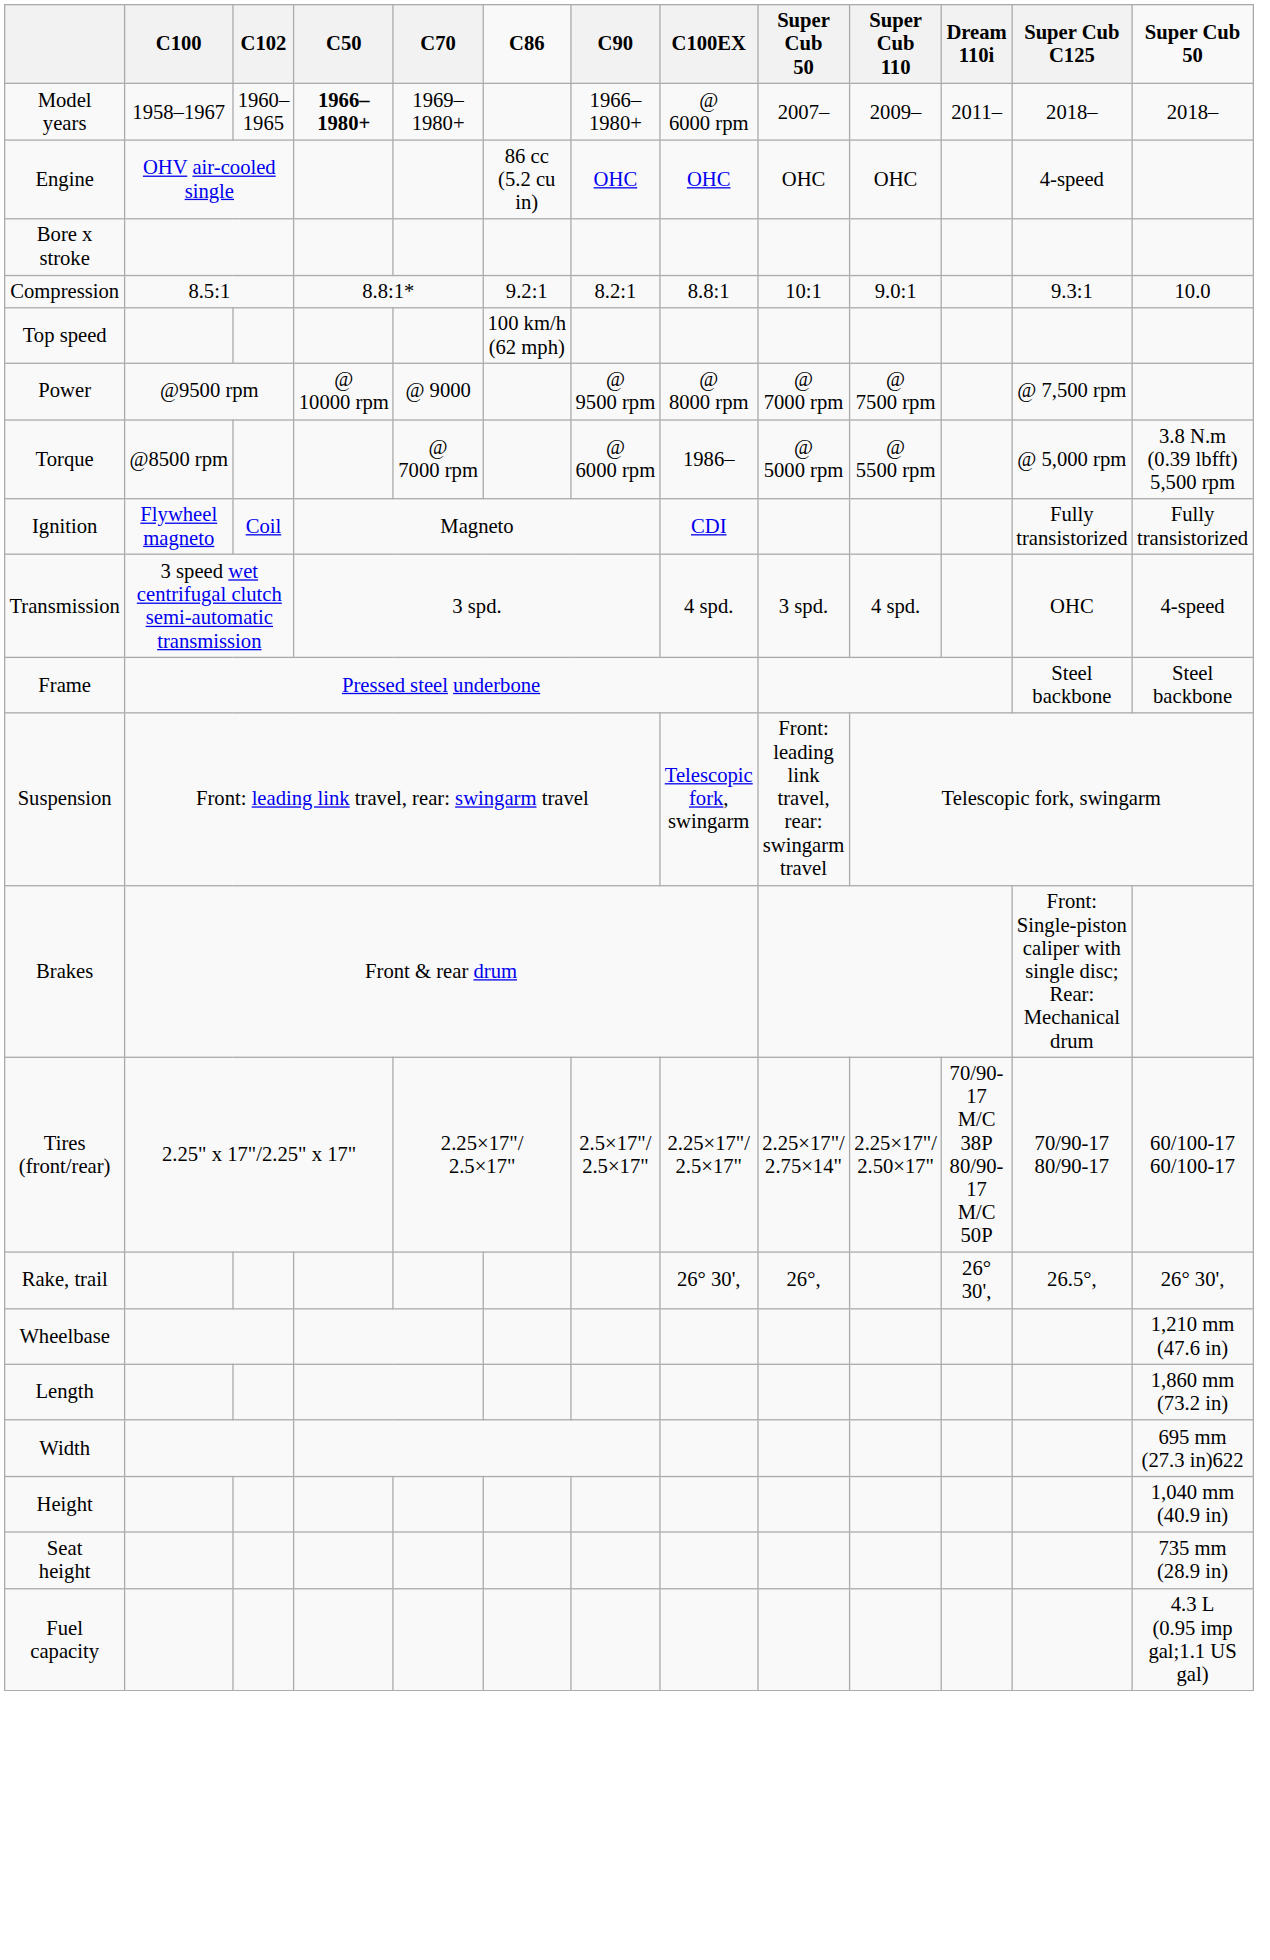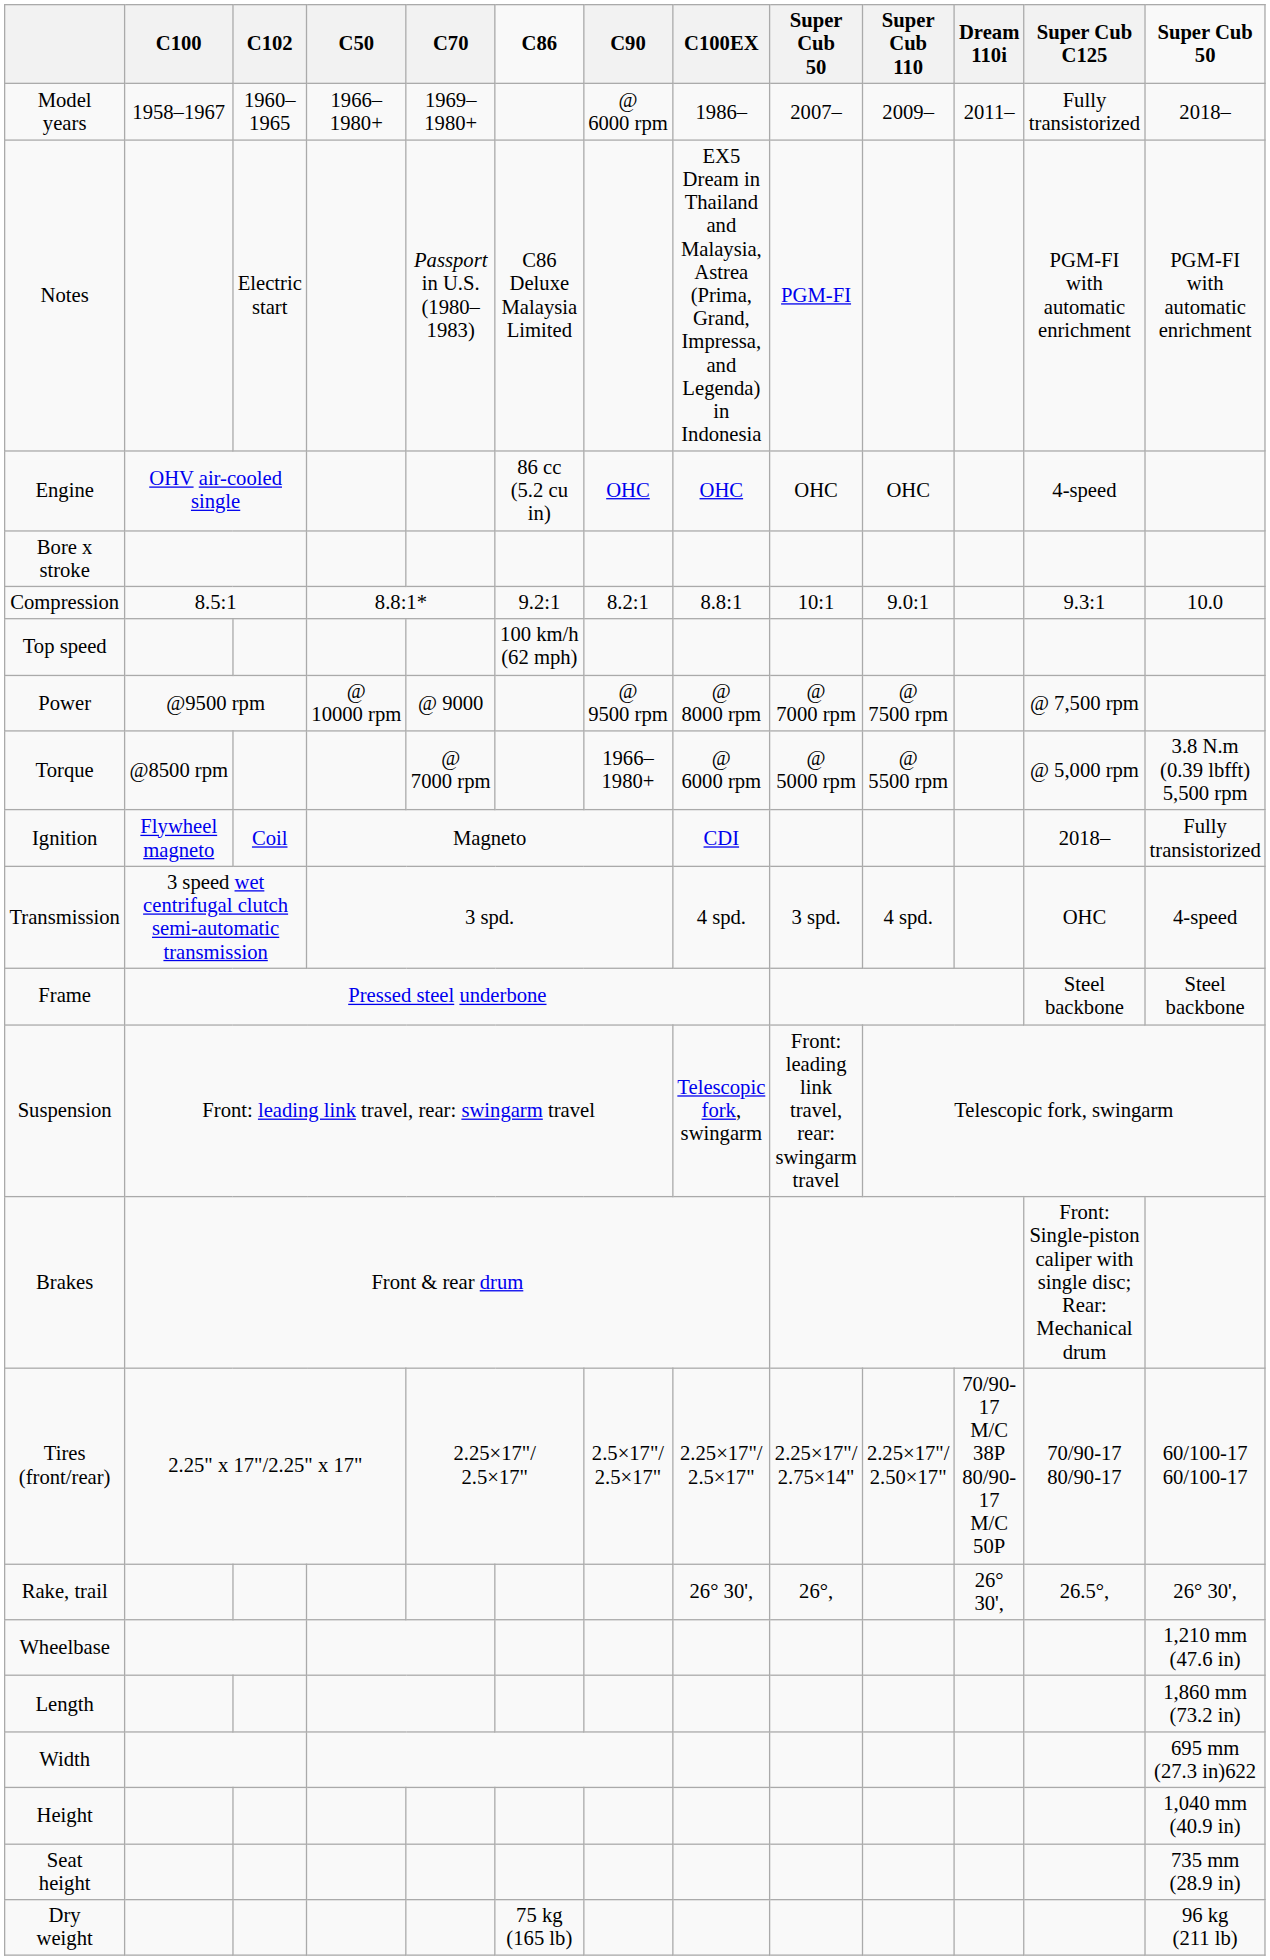 <table class="wikitable" style="text-align: center">
 <tr>
 <th></th>
 <th>C100</th>
 <th>C102</th>
 <th>C50</th>
 <th>C70</th>
 <td><strong>C86</strong></td>
 <th>C90</th>
 <th>C100EX</th>
 <th>Super Cub<br>50</th>
 <th>Super Cub<br>110</th>
 <th>Dream<br>110i</th>
 <th>Super Cub C125</th>
 <td><strong>Super Cub 50</strong></td>
 </tr>
 <tr>
 <td>Model<br>years</td>
 <td>1958–1967</td>
 <td>1960–1965</td>
-<td><strong>1966–1980+</strong></td>
+<td>1966–1980+</td>
 <td>1969–1980+</td>
 <td></td>
-<td>1966–1980+</td>
 <td> @ 6000 rpm</td>
+<td>1986–</td>
 <td>2007–</td>
 <td>2009–</td>
 <td>2011–</td>
+<td>Fully transistorized</td>
 <td>2018–</td>
-<td>2018–</td>
+</tr>
+<tr>
+<td>Notes</td>
+<td></td>
+<td>Electric start</td>
+<td></td>
+<td><em>Passport</em> in U.S. (1980–1983)</td>
+<td>C86 Deluxe Malaysia Limited</td>
+<td></td>
+<td>EX5 Dream in Thailand and Malaysia, Astrea (Prima, Grand, Impressa, and Legenda) in Indonesia</td>
+<td><a href='#'>PGM-FI</a></td>
+<td></td>
+<td></td>
+<td>PGM-FI with automatic enrichment</td>
+<td>PGM-FI with automatic enrichment</td>
 </tr>
 <tr>
 <td>Engine</td>
 <td colspan="2"> <a href='#'>OHV</a> <a href='#'>air-cooled</a> <a href='#'>single</a></td>
 <td></td>
 <td></td>
 <td>86 cc<br>(5.2 cu in)</td>
 <td> <a href='#'>OHC</a></td>
 <td> <a href='#'>OHC</a></td>
 <td> OHC</td>
 <td> OHC</td>
 <td></td>
 <td>4-speed</td>
 <td></td>
 </tr>
 <tr>
 <td>Bore x stroke</td>
 <td colspan="2"></td>
 <td></td>
 <td></td>
 <td></td>
 <td></td>
 <td></td>
 <td></td>
 <td></td>
 <td></td>
 <td></td>
 <td></td>
 </tr>
 <tr>
 <td>Compression</td>
 <td colspan="2">8.5:1</td>
 <td colspan="2">8.8:1*</td>
 <td>9.2:1</td>
 <td>8.2:1</td>
 <td>8.8:1</td>
 <td>10:1</td>
 <td>9.0:1</td>
 <td></td>
 <td>9.3:1</td>
 <td>10.0</td>
 </tr>
 <tr>
 <td>Top speed</td>
 <td></td>
 <td></td>
 <td></td>
 <td></td>
 <td>100 km/h<br>(62 mph)</td>
 <td></td>
 <td></td>
 <td></td>
 <td></td>
 <td></td>
 <td></td>
 <td></td>
 </tr>
 <tr>
 <td>Power</td>
 <td colspan="2"> @9500 rpm</td>
 <td> @ 10000 rpm</td>
 <td> @ 9000</td>
 <td></td>
 <td> @ 9500 rpm</td>
 <td> @ 8000 rpm</td>
 <td> @ 7000 rpm</td>
 <td> @ 7500 rpm</td>
 <td></td>
 <td> @ 7,500 rpm</td>
 <td></td>
 </tr>
 <tr>
 <td>Torque</td>
 <td> @8500 rpm</td>
 <td></td>
 <td></td>
 <td> @ 7000 rpm</td>
 <td></td>
+<td>1966–1980+</td>
 <td> @ 6000 rpm</td>
-<td>1986–</td>
 <td> @ 5000 rpm</td>
 <td> @ 5500 rpm</td>
 <td></td>
 <td> @ 5,000 rpm</td>
 <td>3.8 N.m<br>(0.39 lbfft)<br>5,500 rpm</td>
 </tr>
 <tr>
 <td>Ignition</td>
 <td><a href='#'>Flywheel</a> <a href='#'>magneto</a></td>
 <td><a href='#'>Coil</a></td>
 <td colspan="4">Magneto</td>
 <td><a href='#'>CDI</a></td>
 <td></td>
 <td></td>
 <td></td>
-<td>Fully transistorized</td>
+<td>2018–</td>
 <td>Fully transistorized</td>
 </tr>
 <tr>
 <td>Transmission</td>
 <td colspan="2">3 speed <a href='#'>wet</a> <a href='#'>centrifugal clutch</a> <a href='#'>semi-automatic transmission</a></td>
 <td colspan="4">3 spd.</td>
 <td>4 spd.</td>
 <td>3 spd.</td>
 <td>4 spd.</td>
 <td></td>
 <td> OHC</td>
 <td>4-speed</td>
 </tr>
 <tr>
 <td>Frame</td>
 <td colspan="7"><a href='#'>Pressed steel</a> <a href='#'>underbone</a></td>
 <td colspan="3"></td>
 <td>Steel backbone</td>
 <td>Steel backbone</td>
 </tr>
 <tr>
 <td>Suspension</td>
 <td colspan="6">Front: <a href='#'>leading link</a>  travel, rear: <a href='#'>swingarm</a>   travel</td>
 <td><a href='#'>Telescopic fork</a>, swingarm</td>
 <td>Front: leading link  travel, rear: swingarm   travel</td>
 <td colspan="4">Telescopic fork, swingarm</td>
 </tr>
 <tr>
 <td>Brakes</td>
 <td colspan="7">Front & rear  <a href='#'>drum</a></td>
 <td colspan="3"></td>
 <td>Front: Single-piston caliper with single  disc; Rear: Mechanical drum</td>
 <td></td>
 </tr>
 <tr>
 <td>Tires<br>(front/rear)</td>
 <td colspan="3">2.25" x 17"/2.25" x 17"</td>
 <td colspan="2">2.25×17"/<br>2.5×17"</td>
 <td>2.5×17"/<br>2.5×17"</td>
 <td>2.25×17"/<br>2.5×17"</td>
 <td>2.25×17"/<br>2.75×14"</td>
 <td>2.25×17"/<br>2.50×17"</td>
 <td>70/90-17 M/C 38P<br>80/90-17 M/C 50P</td>
 <td>70/90-17<br>80/90-17</td>
 <td>60/100-17<br>60/100-17</td>
 </tr>
 <tr>
 <td>Rake, trail</td>
 <td></td>
 <td></td>
 <td></td>
 <td></td>
 <td></td>
 <td></td>
 <td>26° 30', </td>
 <td>26°, </td>
 <td></td>
 <td>26° 30', </td>
 <td>26.5°, </td>
 <td>26° 30', </td>
 </tr>
 <tr>
 <td>Wheelbase</td>
 <td colspan="2"></td>
 <td colspan="2"></td>
 <td></td>
 <td></td>
 <td></td>
 <td></td>
 <td></td>
 <td></td>
 <td></td>
 <td>1,210 mm<br>(47.6 in)</td>
 </tr>
 <tr>
 <td>Length</td>
 <td></td>
 <td></td>
 <td colspan="2"></td>
 <td></td>
 <td></td>
 <td></td>
 <td></td>
 <td></td>
 <td></td>
 <td></td>
 <td>1,860 mm (73.2 in)</td>
 </tr>
 <tr>
 <td>Width</td>
 <td colspan="2"></td>
 <td colspan="4"></td>
 <td></td>
 <td></td>
 <td></td>
 <td></td>
 <td></td>
 <td>695 mm (27.3 in)622</td>
 </tr>
 <tr>
 <td>Height</td>
 <td></td>
 <td></td>
 <td></td>
 <td></td>
 <td></td>
 <td></td>
 <td></td>
 <td></td>
 <td></td>
 <td></td>
 <td></td>
 <td>1,040 mm (40.9 in)</td>
 </tr>
 <tr>
 <td>Seat<br>height</td>
 <td></td>
 <td></td>
 <td></td>
 <td></td>
 <td></td>
 <td></td>
 <td></td>
 <td></td>
 <td></td>
 <td></td>
 <td></td>
 <td>735 mm (28.9 in)</td>
 </tr>
 <tr>
-<td>Fuel<br>capacity</td>
+<td>Dry<br>weight</td>
+<td></td>
+<td></td>
+<td></td>
+<td></td>
+<td>75 kg (165 lb)</td>
 <td></td>
 <td></td>
 <td></td>
 <td></td>
 <td></td>
 <td></td>
-<td></td>
-<td></td>
-<td></td>
-<td></td>
-<td></td>
-<td>4.3 L<br>(0.95 imp gal;1.1 US gal) </td>
+<td>96 kg<br>(211 lb) </td>
 </tr>
 </table>
